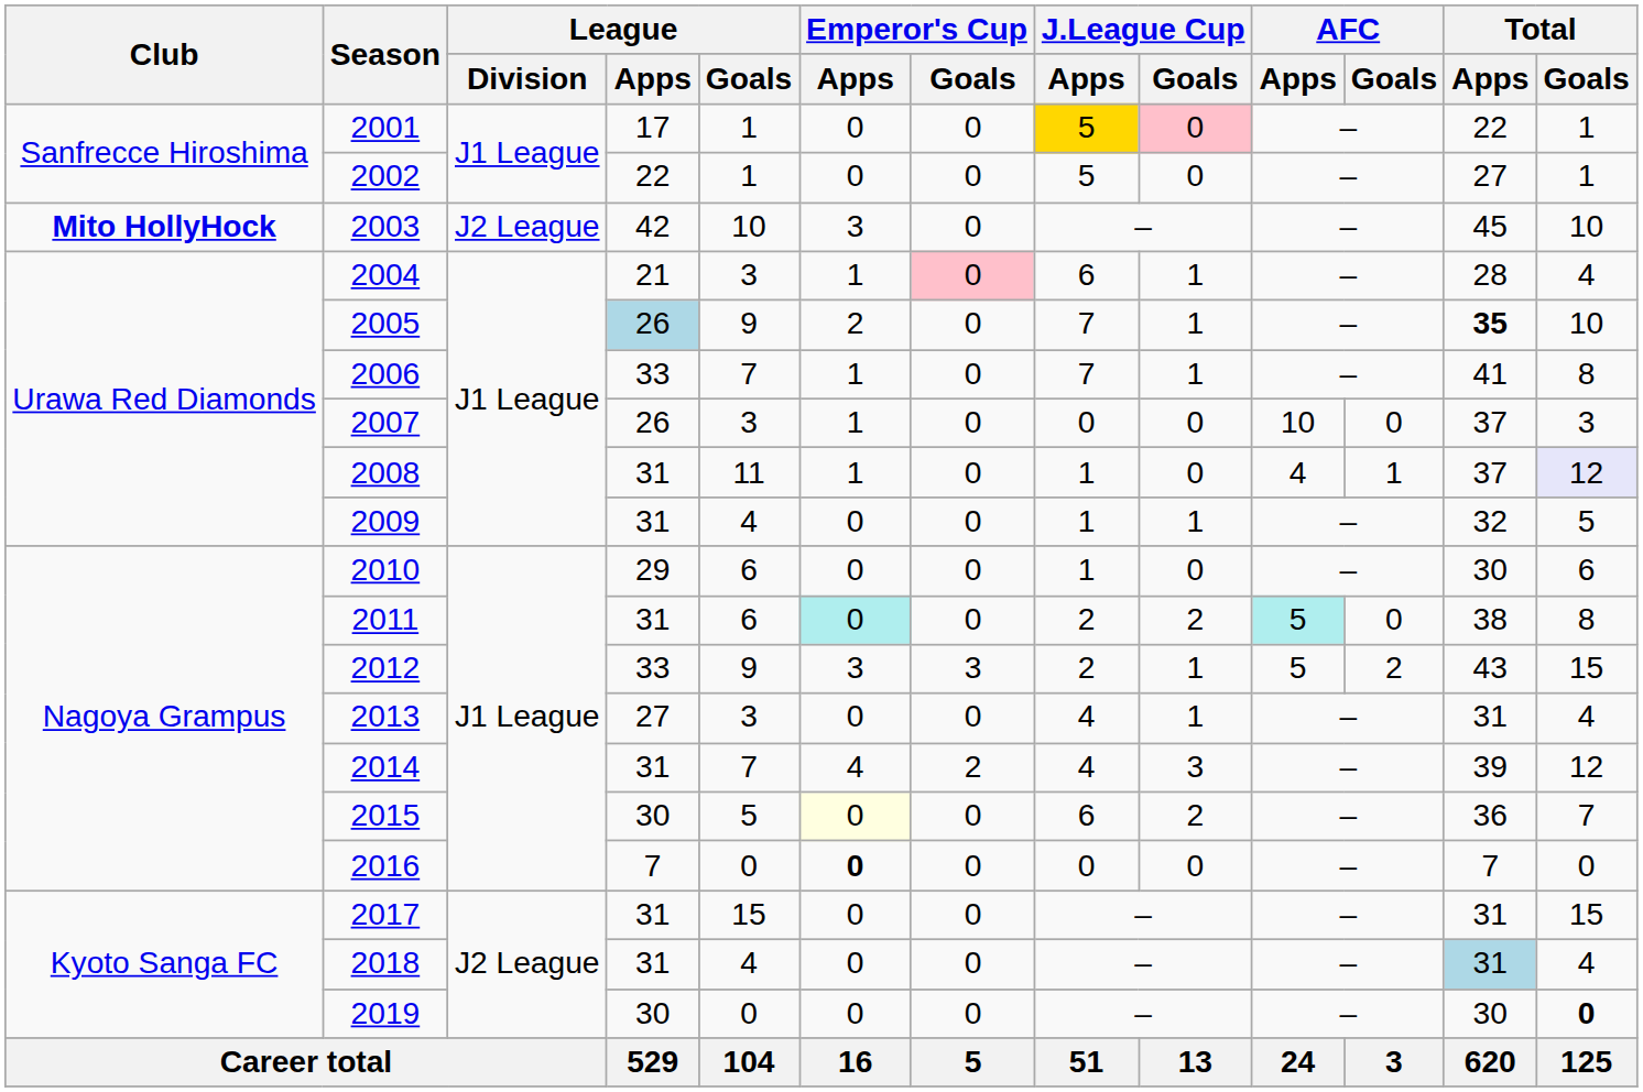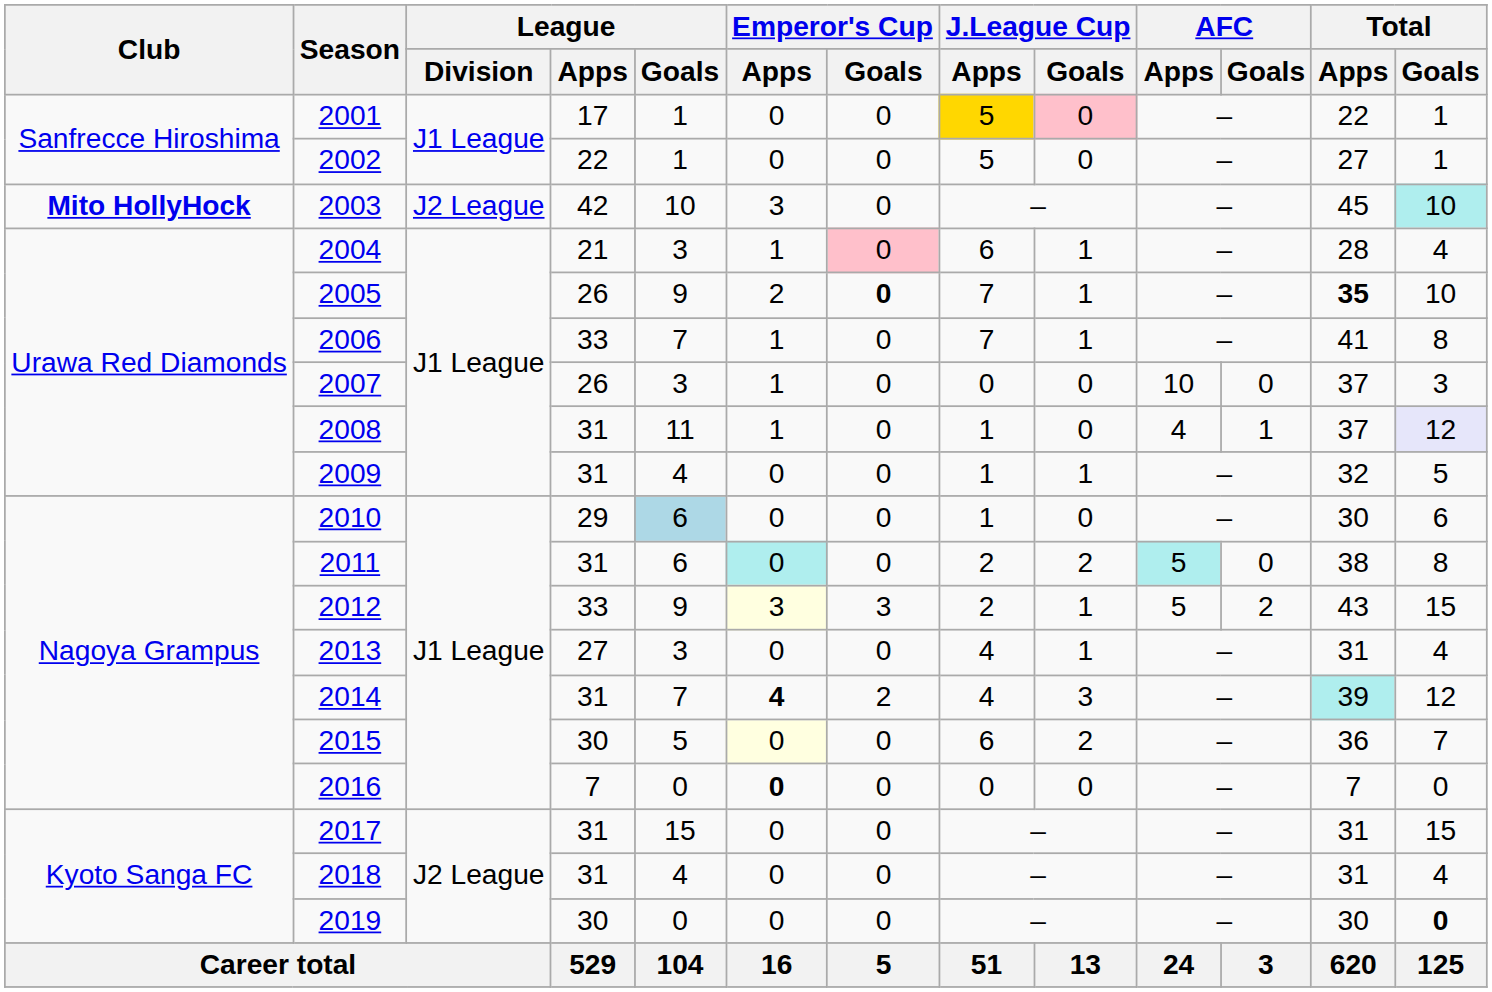 <table class="wikitable" style="text-align:center">
 <tr>
 <th rowspan="2">Club</th>
 <th rowspan="2">Season</th>
 <th colspan="3">League</th>
 <th colspan="2"><a href='#'>Emperor's Cup</a></th>
 <th colspan="2"><a href='#'>J.League Cup</a></th>
 <th colspan="2"><a href='#'>AFC</a></th>
 <th colspan="2">Total</th>
 </tr>
 <tr>
 <th>Division</th>
 <th>Apps</th>
 <th>Goals</th>
 <th>Apps</th>
 <th>Goals</th>
 <th>Apps</th>
 <th>Goals</th>
 <th>Apps</th>
 <th>Goals</th>
 <th>Apps</th>
 <th>Goals</th>
 </tr>
 <tr>
 <td rowspan="2"><a href='#'>Sanfrecce Hiroshima</a></td>
 <td><a href='#'>2001</a></td>
 <td rowspan="2"><a href='#'>J1 League</a></td>
 <td>17</td>
 <td>1</td>
 <td>0</td>
 <td>0</td>
 <td style="background: gold;">5</td>
 <td style="background: pink;">0</td>
 <td colspan="2">–</td>
 <td>22</td>
 <td>1</td>
 </tr>
 <tr>
 <td><a href='#'>2002</a></td>
 <td>22</td>
 <td>1</td>
 <td>0</td>
 <td>0</td>
 <td>5</td>
 <td>0</td>
 <td colspan="2">–</td>
 <td>27</td>
 <td>1</td>
 </tr>
 <tr>
 <td><strong><a href='#'>Mito HollyHock</a></strong></td>
 <td><a href='#'>2003</a></td>
 <td><a href='#'>J2 League</a></td>
 <td>42</td>
 <td>10</td>
 <td>3</td>
 <td>0</td>
 <td colspan="2">–</td>
 <td colspan="2">–</td>
 <td>45</td>
-<td>10</td>
+<td style="background: paleturquoise;">10</td>
 </tr>
 <tr>
 <td rowspan="6"><a href='#'>Urawa Red Diamonds</a></td>
 <td><a href='#'>2004</a></td>
 <td rowspan="6">J1 League</td>
 <td>21</td>
 <td>3</td>
 <td>1</td>
 <td style="background: pink;">0</td>
 <td>6</td>
 <td>1</td>
 <td colspan="2">–</td>
 <td>28</td>
 <td>4</td>
 </tr>
 <tr>
 <td><a href='#'>2005</a></td>
-<td style="background: lightblue;">26</td>
+<td>26</td>
 <td>9</td>
 <td>2</td>
-<td>0</td>
+<td><strong>0</strong></td>
 <td>7</td>
 <td>1</td>
 <td colspan="2">–</td>
 <td><strong>35</strong></td>
 <td>10</td>
 </tr>
 <tr>
 <td><a href='#'>2006</a></td>
 <td>33</td>
 <td>7</td>
 <td>1</td>
 <td>0</td>
 <td>7</td>
 <td>1</td>
 <td colspan="2">–</td>
 <td>41</td>
 <td>8</td>
 </tr>
 <tr>
 <td><a href='#'>2007</a></td>
 <td>26</td>
 <td>3</td>
 <td>1</td>
 <td>0</td>
 <td>0</td>
 <td>0</td>
 <td>10</td>
 <td>0</td>
 <td>37</td>
 <td>3</td>
 </tr>
 <tr>
 <td><a href='#'>2008</a></td>
 <td>31</td>
 <td>11</td>
 <td>1</td>
 <td>0</td>
 <td>1</td>
 <td>0</td>
 <td>4</td>
 <td>1</td>
 <td>37</td>
 <td style="background: lavender;">12</td>
 </tr>
 <tr>
 <td><a href='#'>2009</a></td>
 <td>31</td>
 <td>4</td>
 <td>0</td>
 <td>0</td>
 <td>1</td>
 <td>1</td>
 <td colspan="2">–</td>
 <td>32</td>
 <td>5</td>
 </tr>
 <tr>
 <td rowspan="7"><a href='#'>Nagoya Grampus</a></td>
 <td><a href='#'>2010</a></td>
 <td rowspan="7">J1 League</td>
 <td>29</td>
-<td>6</td>
+<td style="background: lightblue;">6</td>
 <td>0</td>
 <td>0</td>
 <td>1</td>
 <td>0</td>
 <td colspan="2">–</td>
 <td>30</td>
 <td>6</td>
 </tr>
 <tr>
 <td><a href='#'>2011</a></td>
 <td>31</td>
 <td>6</td>
 <td style="background: paleturquoise;">0</td>
 <td>0</td>
 <td>2</td>
 <td>2</td>
 <td style="background: paleturquoise;">5</td>
 <td>0</td>
 <td>38</td>
 <td>8</td>
 </tr>
 <tr>
 <td><a href='#'>2012</a></td>
 <td>33</td>
 <td>9</td>
-<td>3</td>
+<td style="background: lightyellow;">3</td>
 <td>3</td>
 <td>2</td>
 <td>1</td>
 <td>5</td>
 <td>2</td>
 <td>43</td>
 <td>15</td>
 </tr>
 <tr>
 <td><a href='#'>2013</a></td>
 <td>27</td>
 <td>3</td>
 <td>0</td>
 <td>0</td>
 <td>4</td>
 <td>1</td>
 <td colspan="2">–</td>
 <td>31</td>
 <td>4</td>
 </tr>
 <tr>
 <td><a href='#'>2014</a></td>
 <td>31</td>
 <td>7</td>
-<td>4</td>
+<td><strong>4</strong></td>
 <td>2</td>
 <td>4</td>
 <td>3</td>
 <td colspan="2">–</td>
-<td>39</td>
+<td style="background: paleturquoise;">39</td>
 <td>12</td>
 </tr>
 <tr>
 <td><a href='#'>2015</a></td>
 <td>30</td>
 <td>5</td>
 <td style="background: lightyellow;">0</td>
 <td>0</td>
 <td>6</td>
 <td>2</td>
 <td colspan="2">–</td>
 <td>36</td>
 <td>7</td>
 </tr>
 <tr>
 <td><a href='#'>2016</a></td>
 <td>7</td>
 <td>0</td>
 <td><strong>0</strong></td>
 <td>0</td>
 <td>0</td>
 <td>0</td>
 <td colspan="2">–</td>
 <td>7</td>
 <td>0</td>
 </tr>
 <tr>
 <td rowspan="3"><a href='#'>Kyoto Sanga FC</a></td>
 <td><a href='#'>2017</a></td>
 <td rowspan="3">J2 League</td>
 <td>31</td>
 <td>15</td>
 <td>0</td>
 <td>0</td>
 <td colspan="2">–</td>
 <td colspan="2">–</td>
 <td>31</td>
 <td>15</td>
 </tr>
 <tr>
 <td><a href='#'>2018</a></td>
 <td>31</td>
 <td>4</td>
 <td>0</td>
 <td>0</td>
 <td colspan="2">–</td>
 <td colspan="2">–</td>
-<td style="background: lightblue;">31</td>
+<td>31</td>
 <td>4</td>
 </tr>
 <tr>
 <td><a href='#'>2019</a></td>
 <td>30</td>
 <td>0</td>
 <td>0</td>
 <td>0</td>
 <td colspan="2">–</td>
 <td colspan="2">–</td>
 <td>30</td>
 <td><strong>0</strong></td>
 </tr>
 <tr>
 <th colspan="3">Career total</th>
 <th>529</th>
 <th>104</th>
 <th>16</th>
 <th>5</th>
 <th>51</th>
 <th>13</th>
 <th>24</th>
 <th>3</th>
 <th>620</th>
 <th>125</th>
 </tr>
 </table>
